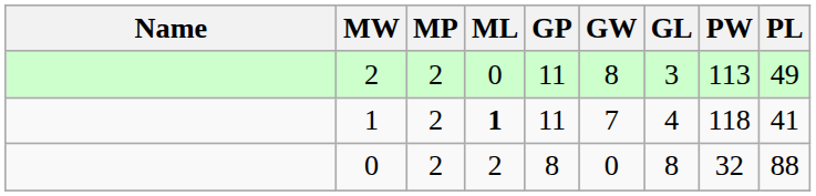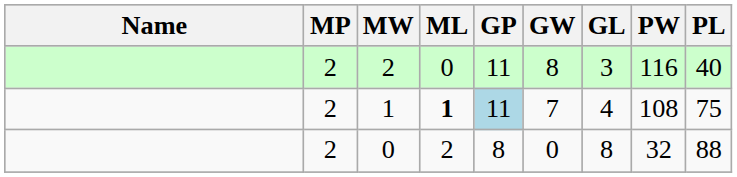 <table class=wikitable style="text-align:center">
 <tr>
 <th width=175>Name</th>
+<th width=20>MP</th>
 <th width=20>MW</th>
-<th width=20>MP</th>
 <th width=20>ML</th>
 <th width=20>GP</th>
 <th width=20>GW</th>
 <th width=20>GL</th>
 <th width=20>PW</th>
 <th width=20>PL</th>
 </tr>
 <tr style="background-color:#ccffcc;">
 <td style="text-align:left;"><strong></strong></td>
 <td>2</td>
 <td>2</td>
 <td>0</td>
 <td>11</td>
 <td>8</td>
 <td>3</td>
-<td>113</td>
-<td>49</td>
+<td>116</td>
+<td>40</td>
 </tr>
 <tr>
 <td style="text-align:left;"></td>
+<td>2</td>
 <td>1</td>
-<td>2</td>
 <td><strong>1</strong></td>
-<td>11</td>
+<td style="background: lightblue;">11</td>
 <td>7</td>
 <td>4</td>
-<td>118</td>
-<td>41</td>
+<td>108</td>
+<td>75</td>
 </tr>
 <tr>
 <td style="text-align:left;"></td>
+<td>2</td>
 <td>0</td>
-<td>2</td>
 <td>2</td>
 <td>8</td>
 <td>0</td>
 <td>8</td>
 <td>32</td>
 <td>88</td>
 </tr>
 </table>
